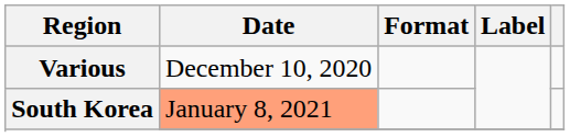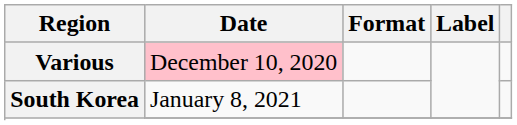 <table class="wikitable plainrowheaders">
 <tr>
 <th>Region</th>
 <th>Date</th>
 <th>Format</th>
 <th>Label</th>
 <th></th>
 </tr>
 <tr>
 <th scope="row">Various</th>
-<td>December 10, 2020</td>
+<td style="background: pink;">December 10, 2020</td>
 <td></td>
 <td rowspan=2></td>
 <td align=center></td>
 </tr>
 <tr>
 <th scope="row" rowspan="3">South Korea</th>
-<td style="background: lightsalmon;">January 8, 2021</td>
+<td>January 8, 2021</td>
 <td></td>
 <td align=center></td>
 </tr>
 <tr>
 </tr>
 </table>
